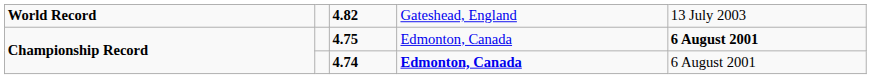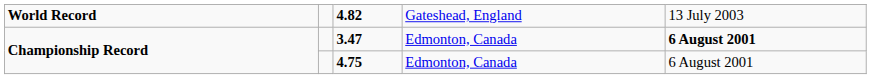 <table class="wikitable" width=75%>
 <tr>
 <td><strong>World Record</strong></td>
 <td></td>
 <td><strong>4.82</strong></td>
 <td><a href='#'>Gateshead, England</a></td>
 <td>13 July 2003</td>
 </tr>
 <tr>
 <td rowspan="2"><strong>Championship Record</strong></td>
 <td></td>
-<td><strong>4.75</strong></td>
+<td><strong>3.47</strong></td>
 <td><a href='#'>Edmonton, Canada</a></td>
 <td><strong>6 August 2001</strong></td>
 </tr>
 <tr>
 <td></td>
-<td><strong>4.74</strong></td>
-<td><strong><a href='#'>Edmonton, Canada</a></strong></td>
+<td><strong>4.75</strong></td>
+<td><a href='#'>Edmonton, Canada</a></td>
 <td>6 August 2001</td>
 </tr>
 </table>
